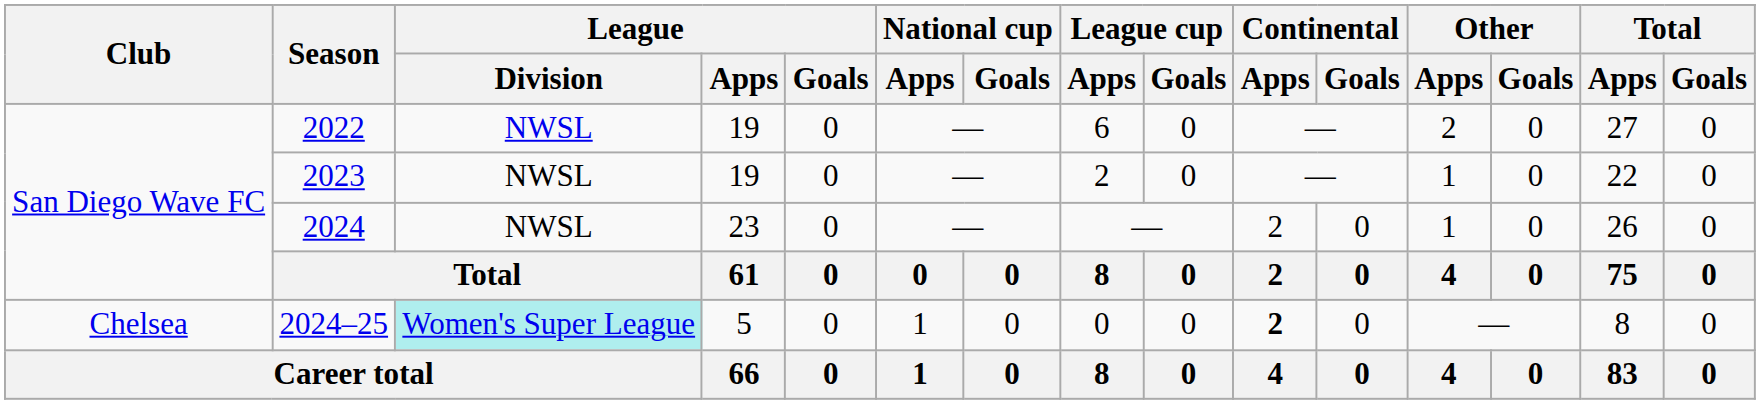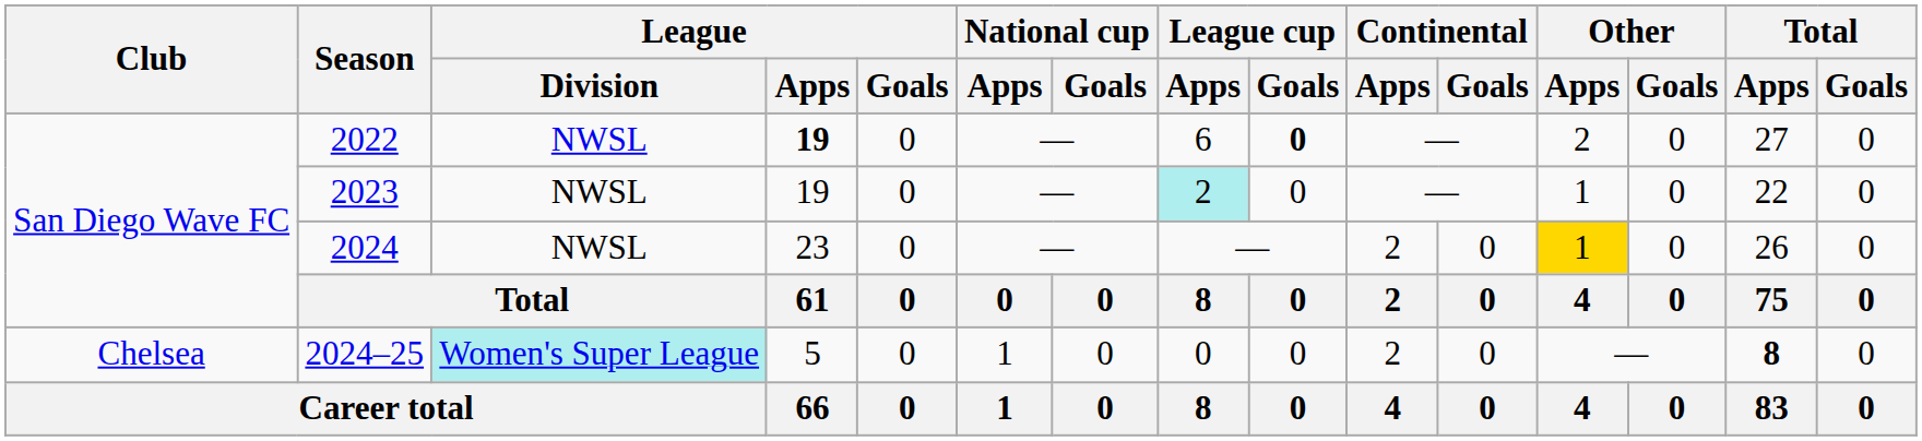 <table class="wikitable" style="text-align:center">
 <tr>
 <th rowspan="2">Club</th>
 <th rowspan="2">Season</th>
 <th colspan="3">League</th>
 <th colspan="2">National cup</th>
 <th colspan="2">League cup</th>
 <th colspan="2">Continental</th>
 <th colspan="2">Other</th>
 <th colspan="2">Total</th>
 </tr>
 <tr>
 <th>Division</th>
 <th>Apps</th>
 <th>Goals</th>
 <th>Apps</th>
 <th>Goals</th>
 <th>Apps</th>
 <th>Goals</th>
 <th>Apps</th>
 <th>Goals</th>
 <th>Apps</th>
 <th>Goals</th>
 <th>Apps</th>
 <th>Goals</th>
 </tr>
 <tr>
 <td rowspan="4"><a href='#'>San Diego Wave FC</a></td>
 <td><a href='#'>2022</a></td>
 <td><a href='#'>NWSL</a></td>
-<td>19</td>
+<td><strong>19</strong></td>
 <td>0</td>
 <td colspan="2">—</td>
 <td>6</td>
-<td>0</td>
+<td><strong>0</strong></td>
 <td colspan="2">—</td>
 <td>2</td>
 <td>0</td>
 <td>27</td>
 <td>0</td>
 </tr>
 <tr>
 <td><a href='#'>2023</a></td>
 <td>NWSL</td>
 <td>19</td>
 <td>0</td>
 <td colspan="2">—</td>
-<td>2</td>
+<td style="background: paleturquoise;">2</td>
 <td>0</td>
 <td colspan="2">—</td>
 <td>1</td>
 <td>0</td>
 <td>22</td>
 <td>0</td>
 </tr>
 <tr>
 <td><a href='#'>2024</a></td>
 <td>NWSL</td>
 <td>23</td>
 <td>0</td>
 <td colspan="2">—</td>
 <td colspan="2">—</td>
 <td>2</td>
 <td>0</td>
-<td>1</td>
+<td style="background: gold;">1</td>
 <td>0</td>
 <td>26</td>
 <td>0</td>
 </tr>
 <tr>
 <th colspan="2">Total</th>
 <th>61</th>
 <th>0</th>
 <th>0</th>
 <th>0</th>
 <th>8</th>
 <th>0</th>
 <th>2</th>
 <th>0</th>
 <th>4</th>
 <th>0</th>
 <th>75</th>
 <th>0</th>
 </tr>
 <tr>
 <td><a href='#'>Chelsea</a></td>
 <td><a href='#'>2024–25</a></td>
 <td style="background: paleturquoise;"><a href='#'>Women's Super League</a></td>
 <td>5</td>
 <td>0</td>
 <td>1</td>
 <td>0</td>
 <td>0</td>
 <td>0</td>
-<td><strong>2</strong></td>
+<td>2</td>
 <td>0</td>
 <td colspan="2">—</td>
-<td>8</td>
+<td><strong>8</strong></td>
 <td>0</td>
 </tr>
 <tr>
 <th colspan="3">Career total</th>
 <th>66</th>
 <th>0</th>
 <th>1</th>
 <th>0</th>
 <th>8</th>
 <th>0</th>
 <th>4</th>
 <th>0</th>
 <th>4</th>
 <th>0</th>
 <th>83</th>
 <th>0</th>
 </tr>
 </table>
